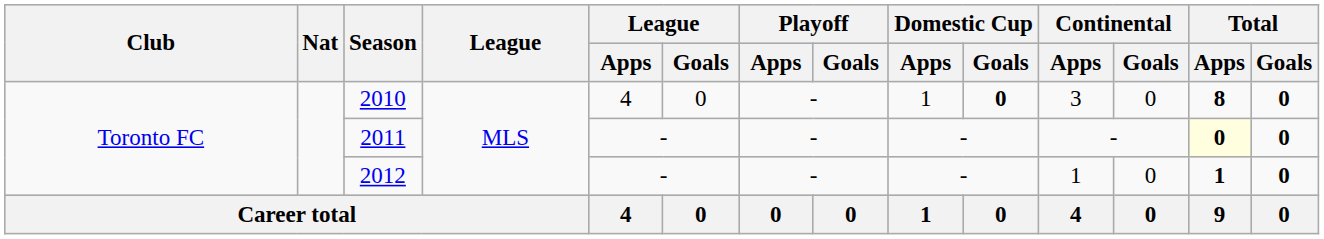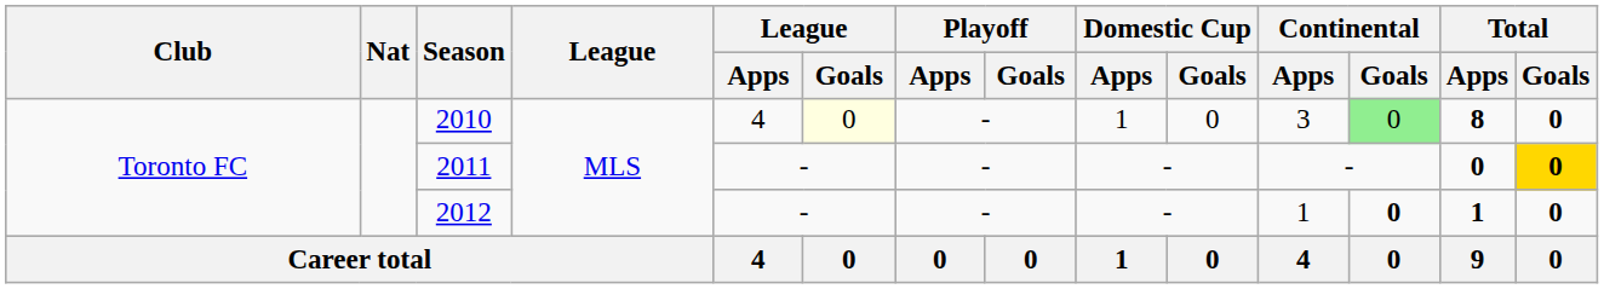 <table class="wikitable" style="font-size:90%; width: 65%; text-align: center;">
 <tr>
 <th rowspan=2 width=28%>Club</th>
 <th rowspan=2 width=2%>Nat</th>
 <th rowspan=2 width=5%>Season</th>
 <th rowspan=2 width=15%>League</th>
 <th colspan=2 width=10%>League</th>
 <th colspan=2 width=10%>Playoff</th>
 <th colspan=2 width=10%>Domestic Cup</th>
 <th colspan=2 width=10%>Continental</th>
 <th colspan=2 width=10%>Total</th>
 </tr>
 <tr>
 <th width=5%>Apps</th>
 <th width=5%>Goals</th>
 <th width=5%>Apps</th>
 <th width=5%>Goals</th>
 <th width=5%>Apps</th>
 <th width=5%>Goals</th>
 <th width=5%>Apps</th>
 <th width=5%>Goals</th>
 <th width=5%>Apps</th>
 <th width=5%>Goals</th>
 </tr>
 <tr>
 <td rowspan=3><a href='#'>Toronto FC</a></td>
 <td rowspan=3></td>
 <td><a href='#'>2010</a></td>
 <td rowspan=3><a href='#'>MLS</a></td>
 <td>4</td>
-<td>0</td>
+<td style="background: lightyellow;">0</td>
 <td colspan=2>-</td>
 <td>1</td>
-<td><strong>0</strong></td>
+<td>0</td>
 <td>3</td>
-<td>0</td>
+<td style="background: lightgreen;">0</td>
 <td><strong>8</strong></td>
 <td><strong>0</strong></td>
 </tr>
 <tr>
 <td><a href='#'>2011</a></td>
 <td colspan=2>-</td>
 <td colspan=2>-</td>
 <td colspan=2>-</td>
 <td colspan=2>-</td>
-<td style="background: lightyellow;"><strong>0</strong></td>
 <td><strong>0</strong></td>
+<td style="background: gold;"><strong>0</strong></td>
 </tr>
 <tr>
 <td><a href='#'>2012</a></td>
 <td colspan=2>-</td>
 <td colspan=2>-</td>
 <td colspan=2>-</td>
 <td>1</td>
-<td>0</td>
+<td><strong>0</strong></td>
 <td><strong>1</strong></td>
 <td><strong>0</strong></td>
 </tr>
 <tr>
 <th colspan=4 width=40%>Career total</th>
 <th width=6%><strong>4</strong></th>
 <th width=6%><strong>0</strong></th>
 <th width=6%><strong>0</strong></th>
 <th width=6%><strong>0</strong></th>
 <th width=6%><strong>1</strong></th>
 <th width=6%><strong>0</strong></th>
 <th width=6%><strong>4</strong></th>
 <th width=6%><strong>0</strong></th>
 <th width=6%><strong>9</strong></th>
 <th width=6%><strong>0</strong></th>
 </tr>
 </table>
